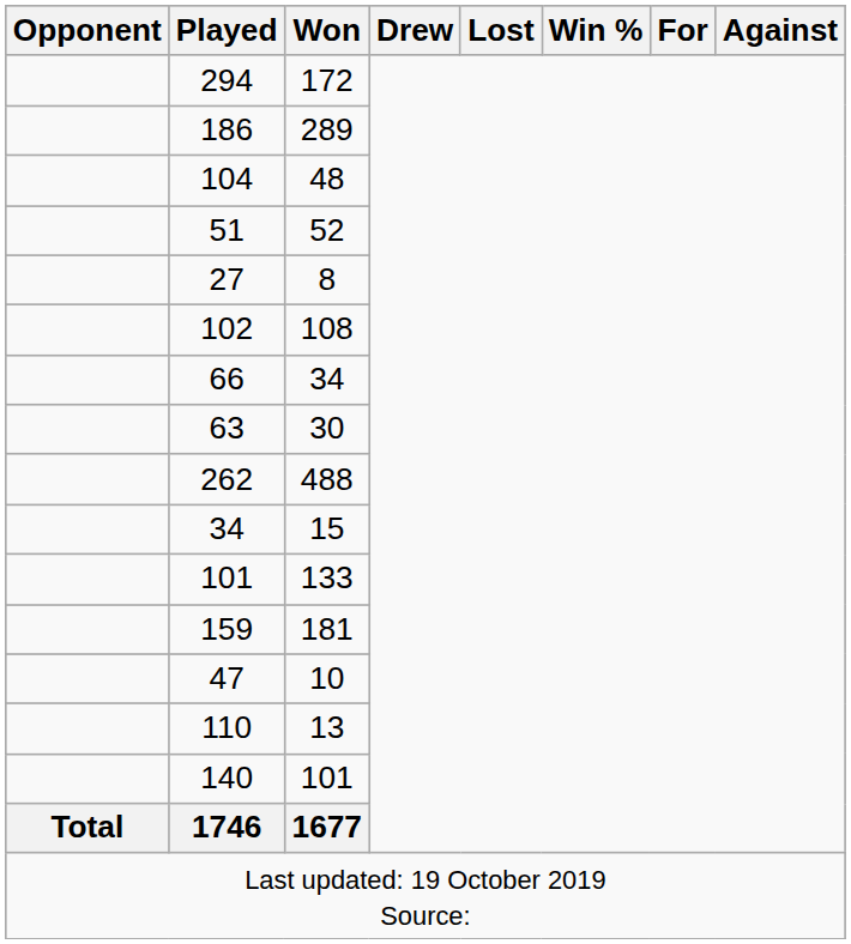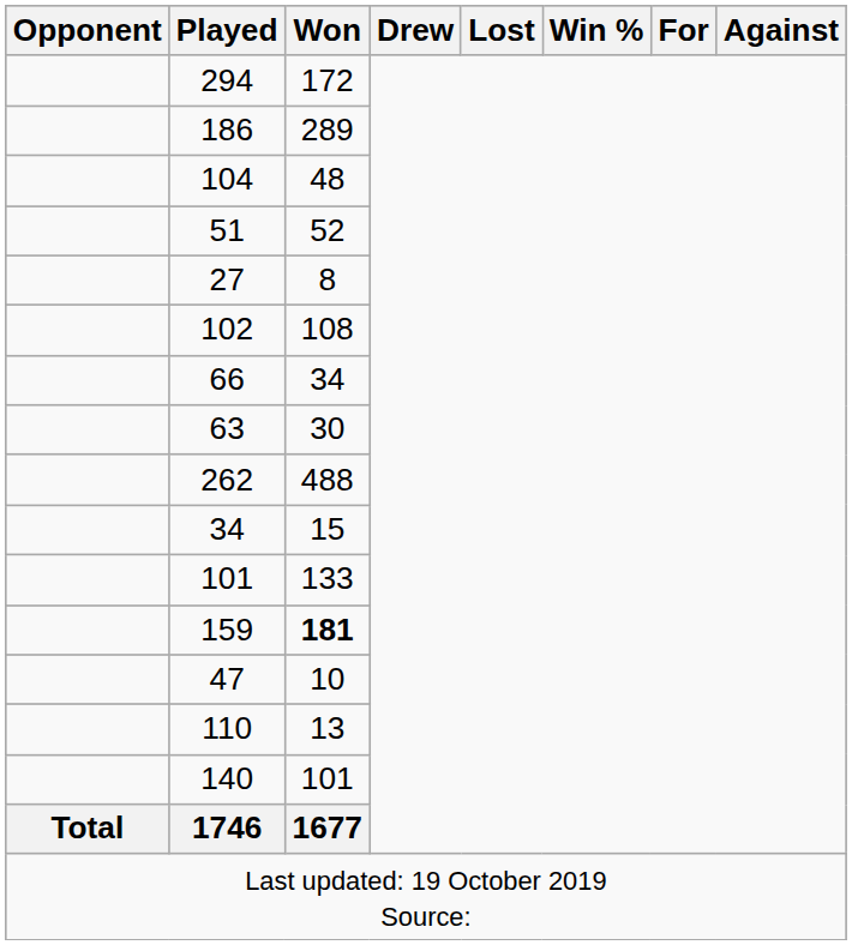 <table class="wikitable sortable collapsible">
 <tr>
 <th>Opponent</th>
 <th>Played</th>
 <th>Won</th>
 <th>Drew</th>
 <th>Lost</th>
 <th>Win %</th>
 <th>For</th>
 <th>Against</th>
 </tr>
 <tr align=center>
 <td align=left><br></td>
 <td>294</td>
 <td>172</td>
 </tr>
 <tr align=center>
 <td align=left><br></td>
 <td>186</td>
 <td>289</td>
 </tr>
 <tr align=center>
 <td align=left><br></td>
 <td>104</td>
 <td>48</td>
 </tr>
 <tr align=center>
 <td align=left><br></td>
 <td>51</td>
 <td>52</td>
 </tr>
 <tr align=center>
 <td align=left><br></td>
 <td>27</td>
 <td>8</td>
 </tr>
 <tr align=center>
 <td align=left><br></td>
 <td>102</td>
 <td>108</td>
 </tr>
 <tr align=center>
 <td align=left><br></td>
 <td>66</td>
 <td>34</td>
 </tr>
 <tr align=center>
 <td align=left><br></td>
 <td>63</td>
 <td>30</td>
 </tr>
 <tr align=center>
 <td align=left><br></td>
 <td>262</td>
 <td>488</td>
 </tr>
 <tr align=center>
 <td align=left><br></td>
 <td>34</td>
 <td>15</td>
 </tr>
 <tr align=center>
 <td align=left><br></td>
 <td>101</td>
 <td>133</td>
 </tr>
 <tr align=center>
 <td align=left><br></td>
 <td>159</td>
-<td>181</td>
+<td><strong>181</strong></td>
 </tr>
 <tr align=center>
 <td align=left><br></td>
 <td>47</td>
 <td>10</td>
 </tr>
 <tr align=center>
 <td align=left><br></td>
 <td>110</td>
 <td>13</td>
 </tr>
 <tr align=center>
 <td align=left><br></td>
 <td>140</td>
 <td>101</td>
 </tr>
 <tr align=center>
 <th>Total<br></th>
 <th>1746</th>
 <th>1677</th>
 </tr>
 <tr>
 <td colspan=8 align=center><small>Last updated: 19 October 2019<br>Source: <br></small></td>
 </tr>
 </table>
